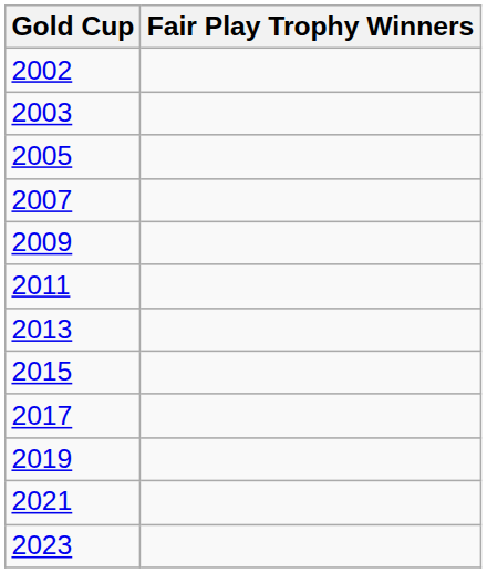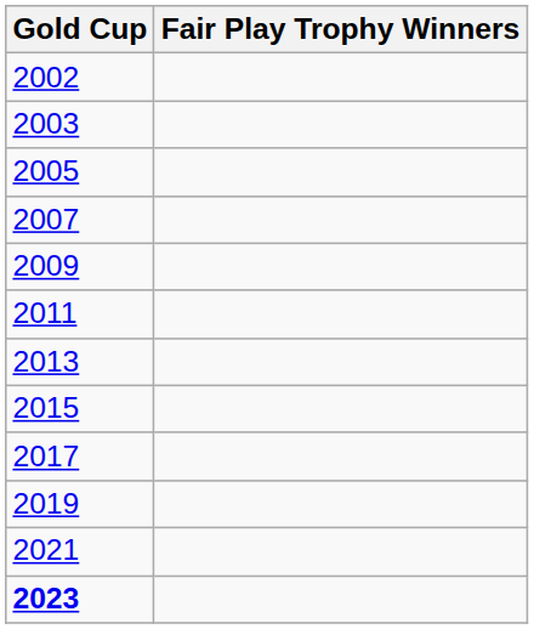 <table class=wikitable>
 <tr>
 <th>Gold Cup</th>
 <th>Fair Play Trophy Winners</th>
 </tr>
 <tr>
 <td><a href='#'>2002</a></td>
 <td></td>
 </tr>
 <tr>
 <td><a href='#'>2003</a></td>
 <td></td>
 </tr>
 <tr>
 <td><a href='#'>2005</a></td>
 <td></td>
 </tr>
 <tr>
 <td><a href='#'>2007</a></td>
 <td></td>
 </tr>
 <tr>
 <td><a href='#'>2009</a></td>
 <td></td>
 </tr>
 <tr>
 <td><a href='#'>2011</a></td>
 <td></td>
 </tr>
 <tr>
 <td><a href='#'>2013</a></td>
 <td></td>
 </tr>
 <tr>
 <td><a href='#'>2015</a></td>
 <td></td>
 </tr>
 <tr>
 <td><a href='#'>2017</a></td>
 <td></td>
 </tr>
 <tr>
 <td><a href='#'>2019</a></td>
 <td></td>
 </tr>
 <tr>
 <td><a href='#'>2021</a></td>
 <td></td>
 </tr>
 <tr>
-<td><a href='#'>2023</a></td>
+<td><strong><a href='#'>2023</a></strong></td>
 <td></td>
 </tr>
 </table>
